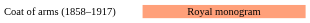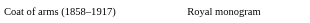 <table border="0" align="center" width="80%">
 <tr>
 <th width=25%></th>
 <th width=25%></th>
 </tr>
 <tr>
 <td style="text-align: center;">Coat of arms (1858–1917)</td>
-<td style="background: lightsalmon; text-align: center;">Royal monogram</td>
+<td style="text-align: center;">Royal monogram</td>
 </tr>
 </table>
